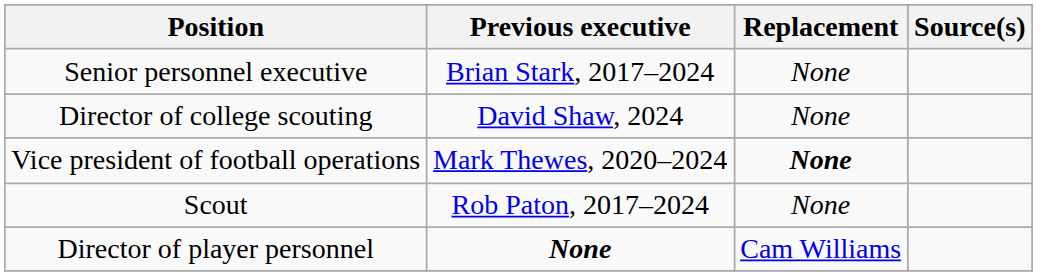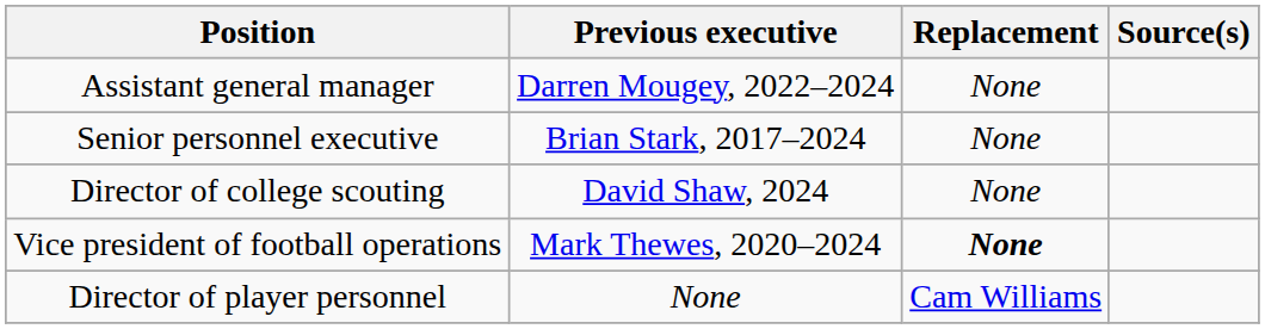 <table class="wikitable" style="text-align:center">
 <tr>
 <th>Position</th>
 <th>Previous executive</th>
 <th>Replacement</th>
 <th>Source(s)</th>
+</tr>
+<tr>
+<td>Assistant general manager</td>
+<td><a href='#'>Darren Mougey</a>, 2022–2024</td>
+<td><em>None</em></td>
+<td></td>
 </tr>
 <tr>
 <td>Senior personnel executive</td>
 <td><a href='#'>Brian Stark</a>, 2017–2024</td>
 <td><em>None</em></td>
 <td></td>
 </tr>
 <tr>
 <td>Director of college scouting</td>
 <td><a href='#'>David Shaw</a>, 2024</td>
 <td><em>None</em></td>
 <td></td>
 </tr>
 <tr>
 <td>Vice president of football operations</td>
 <td><a href='#'>Mark Thewes</a>, 2020–2024</td>
 <td><strong><em>None</em></strong></td>
 <td></td>
 </tr>
 <tr>
-<td>Scout</td>
-<td><a href='#'>Rob Paton</a>, 2017–2024</td>
+<td>Director of player personnel</td>
 <td><em>None</em></td>
-<td></td>
-</tr>
-<tr>
-<td>Director of player personnel</td>
-<td><strong><em>None</em></strong></td>
 <td><a href='#'>Cam Williams</a></td>
 <td></td>
 </tr>
 </table>
